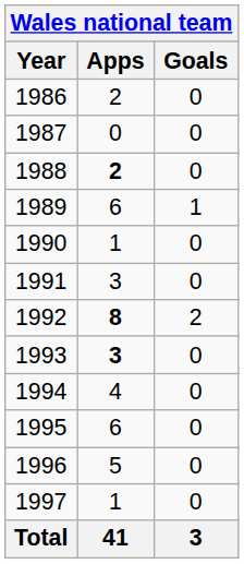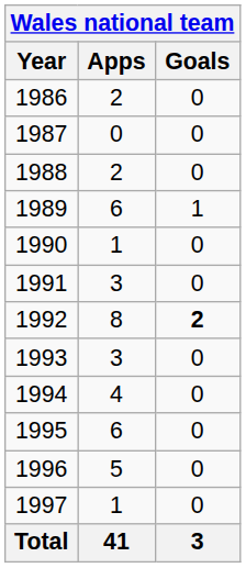 <table class="wikitable" style="text-align:center">
 <tr>
 <th colspan=3><a href='#'>Wales national team</a></th>
 </tr>
 <tr>
 <th>Year</th>
 <th>Apps</th>
 <th>Goals</th>
 </tr>
 <tr>
 <td>1986</td>
 <td>2</td>
 <td>0</td>
 </tr>
 <tr>
 <td>1987</td>
 <td>0</td>
 <td>0</td>
 </tr>
 <tr>
 <td>1988</td>
-<td><strong>2</strong></td>
+<td>2</td>
 <td>0</td>
 </tr>
 <tr>
 <td>1989</td>
 <td>6</td>
 <td>1</td>
 </tr>
 <tr>
 <td>1990</td>
 <td>1</td>
 <td>0</td>
 </tr>
 <tr>
 <td>1991</td>
 <td>3</td>
 <td>0</td>
 </tr>
 <tr>
 <td>1992</td>
-<td><strong>8</strong></td>
-<td>2</td>
+<td>8</td>
+<td><strong>2</strong></td>
 </tr>
 <tr>
 <td>1993</td>
-<td><strong>3</strong></td>
+<td>3</td>
 <td>0</td>
 </tr>
 <tr>
 <td>1994</td>
 <td>4</td>
 <td>0</td>
 </tr>
 <tr>
 <td>1995</td>
 <td>6</td>
 <td>0</td>
 </tr>
 <tr>
 <td>1996</td>
 <td>5</td>
 <td>0</td>
 </tr>
 <tr>
 <td>1997</td>
 <td>1</td>
 <td>0</td>
 </tr>
 <tr>
 <th>Total</th>
 <th>41</th>
 <th>3</th>
 </tr>
 </table>
